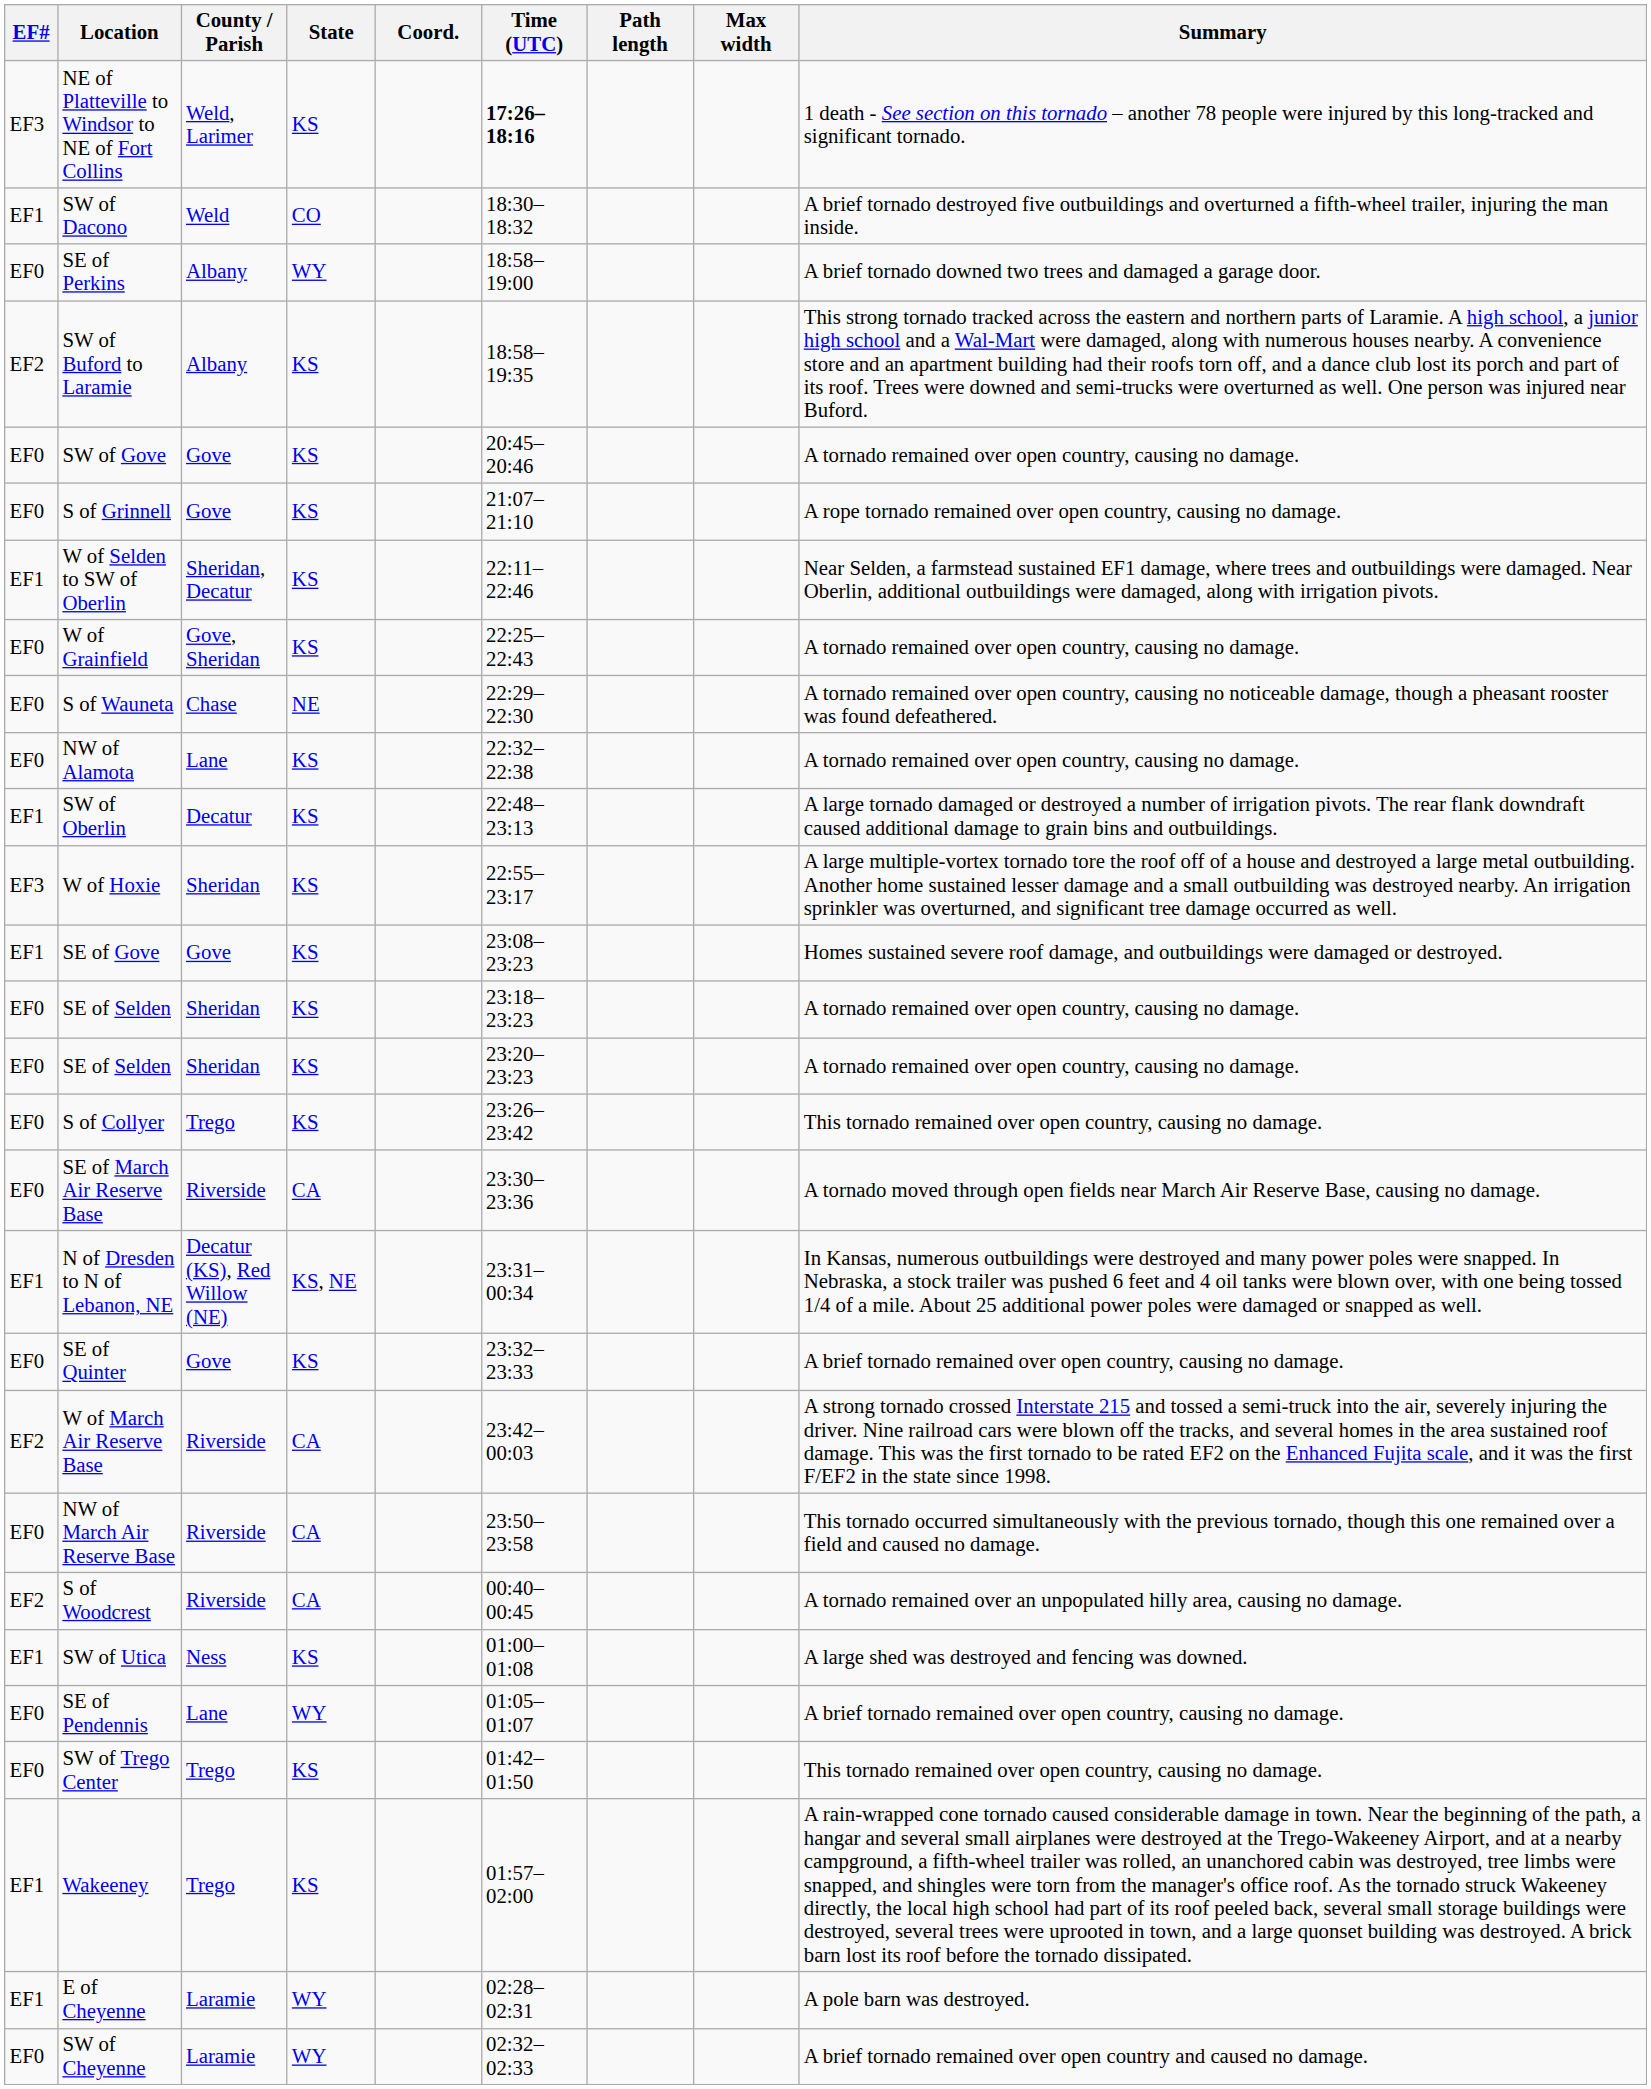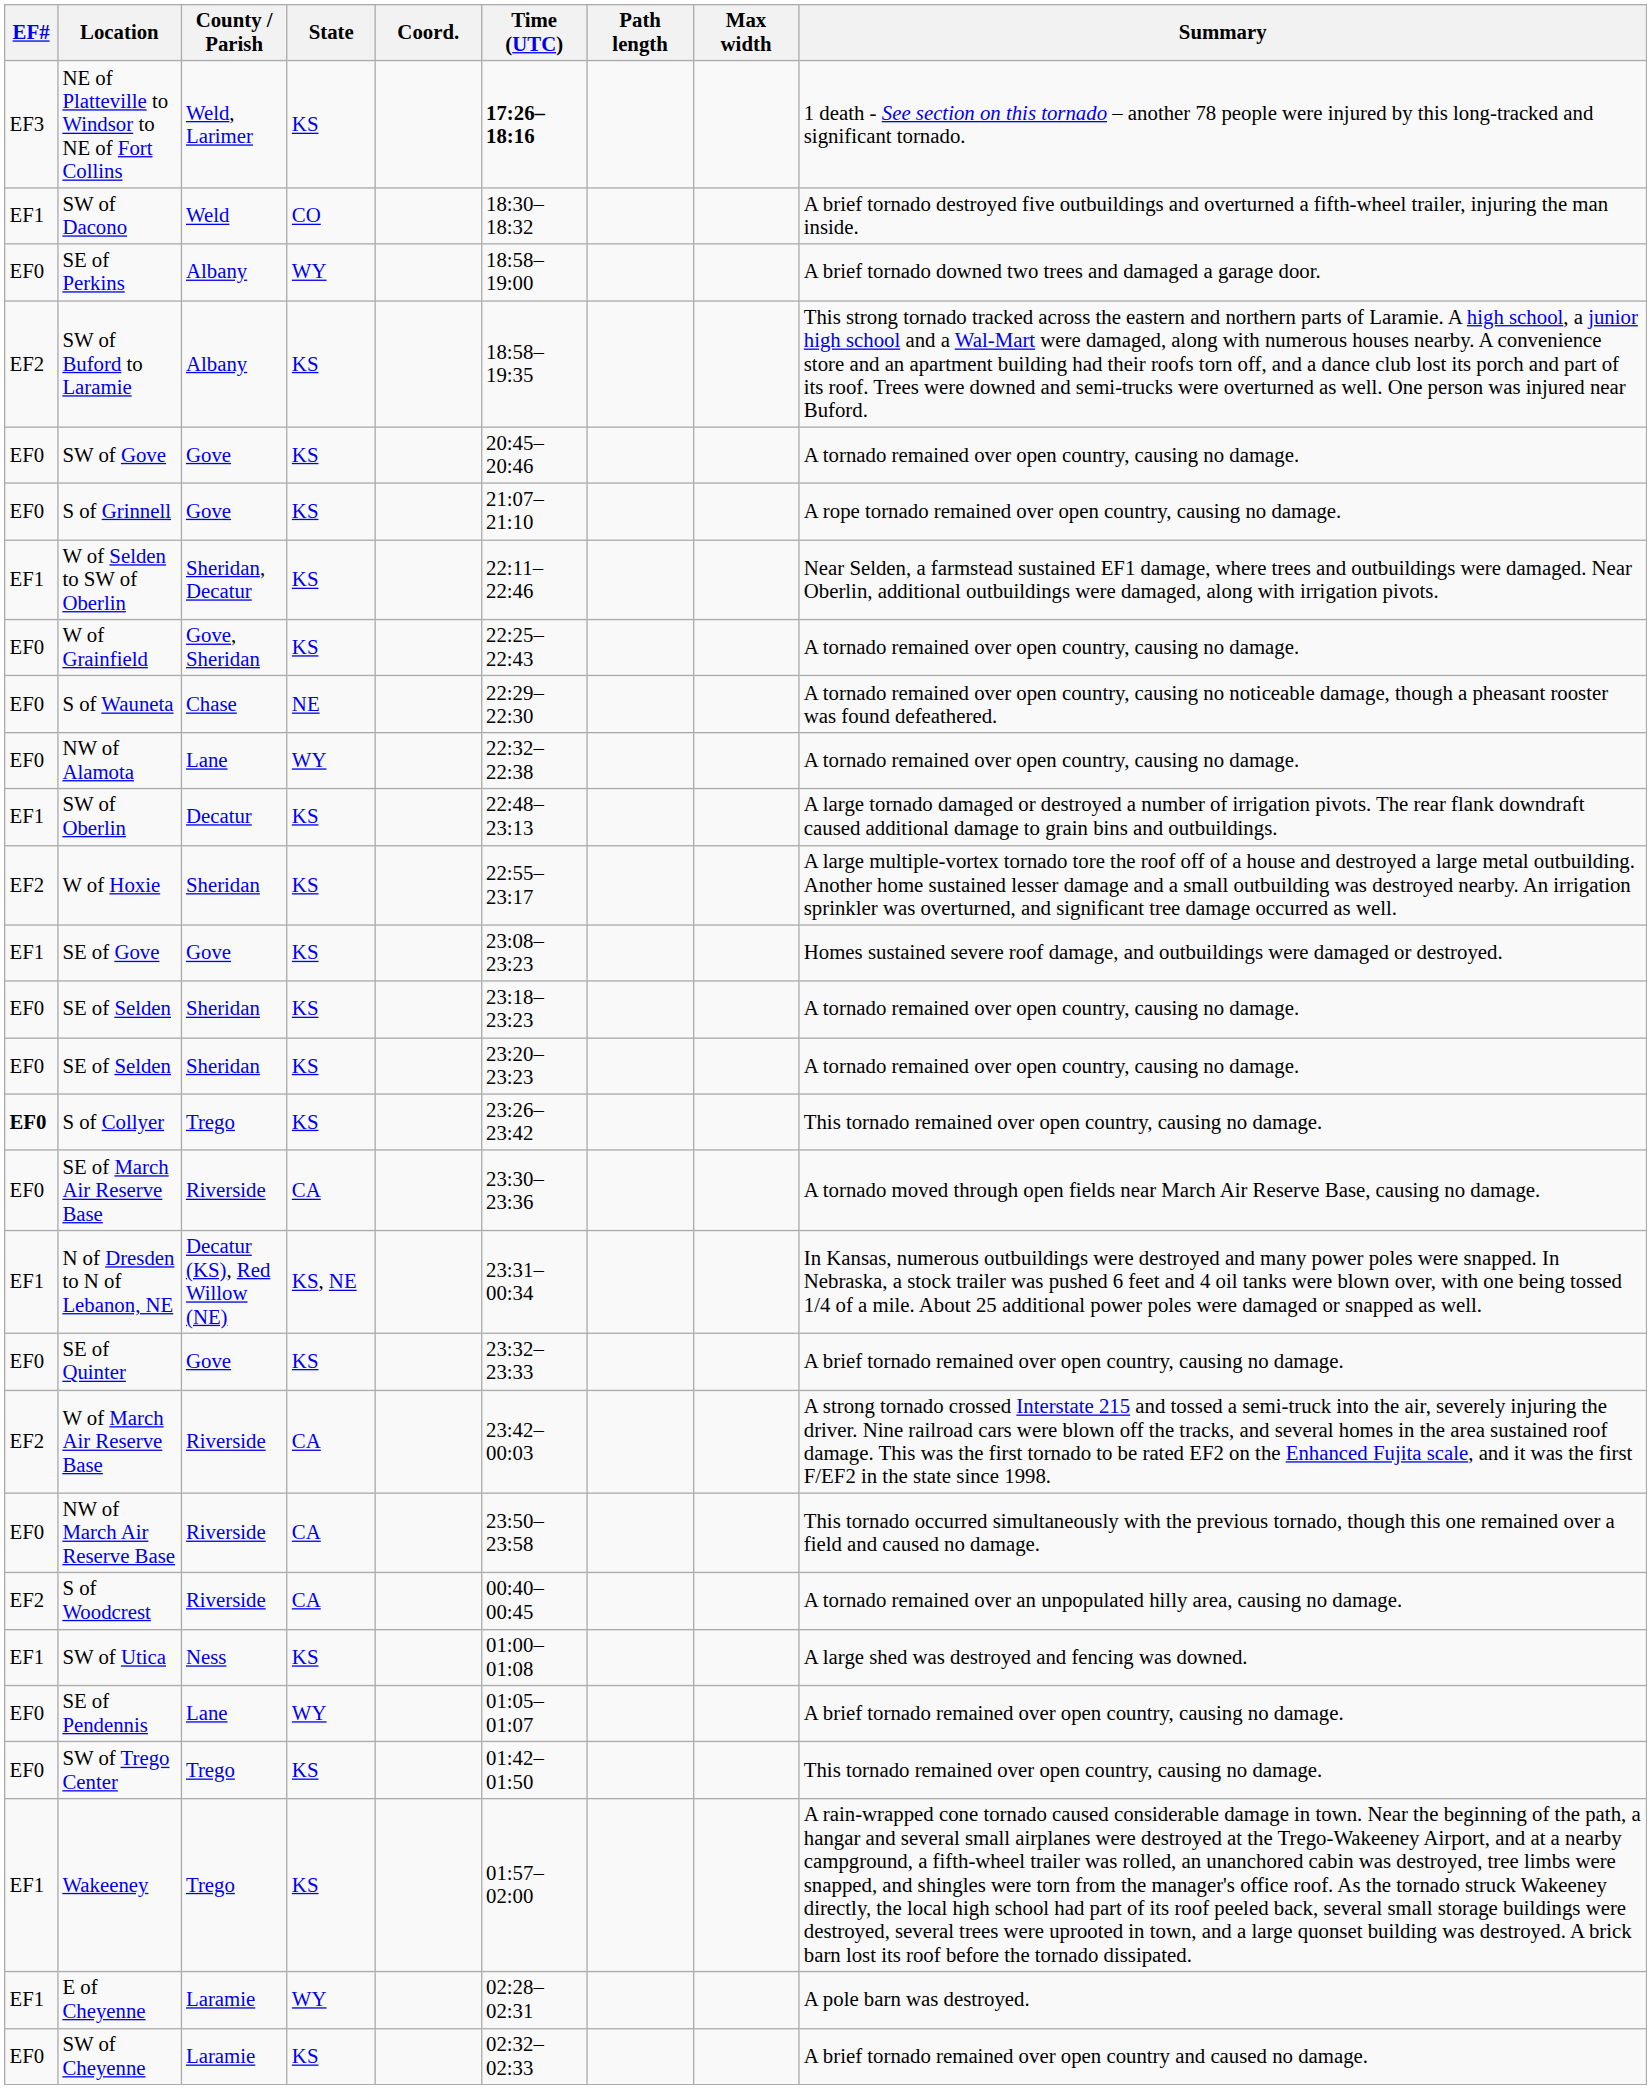 <table class="wikitable sortable" style="width:100%;">
 <tr>
 <th scope="col" width="3%" align="center"><a href='#'>EF#</a></th>
 <th scope="col" width="7%" align="center" class="unsortable">Location</th>
 <th scope="col" width="6%" align="center" class="unsortable">County / Parish</th>
 <th scope="col" width="5%" align="center">State</th>
 <th scope="col" width="6%" align="center">Coord.</th>
 <th scope="col" width="6%" align="center">Time (<a href='#'>UTC</a>)</th>
 <th scope="col" width="6%" align="center">Path length</th>
 <th scope="col" width="6%" align="center">Max width</th>
 <th scope="col" width="48%" class="unsortable" align="center">Summary</th>
 </tr>
 <tr>
 <td>EF3</td>
 <td>NE of <a href='#'>Platteville</a> to <a href='#'>Windsor</a> to NE of <a href='#'>Fort Collins</a></td>
 <td><a href='#'>Weld</a>, <a href='#'>Larimer</a></td>
 <td><a href='#'>KS</a></td>
 <td></td>
 <td><strong>17:26–18:16</strong></td>
 <td></td>
 <td></td>
 <td>1 death - <em><a href='#'>See section on this tornado</a></em> – another 78 people were injured by this long-tracked and significant tornado.</td>
 </tr>
 <tr>
 <td>EF1</td>
 <td>SW of <a href='#'>Dacono</a></td>
 <td><a href='#'>Weld</a></td>
 <td><a href='#'>CO</a></td>
 <td></td>
 <td>18:30–18:32</td>
 <td></td>
 <td></td>
 <td>A brief tornado destroyed five outbuildings and overturned a fifth-wheel trailer, injuring the man inside.</td>
 </tr>
 <tr>
 <td>EF0</td>
 <td>SE of <a href='#'>Perkins</a></td>
 <td><a href='#'>Albany</a></td>
 <td><a href='#'>WY</a></td>
 <td></td>
 <td>18:58–19:00</td>
 <td></td>
 <td></td>
 <td>A brief tornado downed two trees and damaged a garage door.</td>
 </tr>
 <tr>
 <td>EF2</td>
 <td>SW of <a href='#'>Buford</a> to <a href='#'>Laramie</a></td>
 <td><a href='#'>Albany</a></td>
 <td><a href='#'>KS</a></td>
 <td></td>
 <td>18:58–19:35</td>
 <td></td>
 <td></td>
 <td>This strong tornado tracked across the eastern and northern parts of Laramie. A <a href='#'>high school</a>, a <a href='#'>junior high school</a> and a <a href='#'>Wal-Mart</a> were damaged, along with numerous houses nearby. A convenience store and an apartment building had their roofs torn off, and a dance club lost its porch and part of its roof. Trees were downed and semi-trucks were overturned as well. One person was injured near Buford.</td>
 </tr>
 <tr>
 <td>EF0</td>
 <td>SW of <a href='#'>Gove</a></td>
 <td><a href='#'>Gove</a></td>
 <td><a href='#'>KS</a></td>
 <td></td>
 <td>20:45–20:46</td>
 <td></td>
 <td></td>
 <td>A tornado remained over open country, causing no damage.</td>
 </tr>
 <tr>
 <td>EF0</td>
 <td>S of <a href='#'>Grinnell</a></td>
 <td><a href='#'>Gove</a></td>
 <td><a href='#'>KS</a></td>
 <td></td>
 <td>21:07–21:10</td>
 <td></td>
 <td></td>
 <td>A rope tornado remained over open country, causing no damage.</td>
 </tr>
 <tr>
 <td>EF1</td>
 <td>W of <a href='#'>Selden</a> to SW of <a href='#'>Oberlin</a></td>
 <td><a href='#'>Sheridan</a>, <a href='#'>Decatur</a></td>
 <td><a href='#'>KS</a></td>
 <td></td>
 <td>22:11–22:46</td>
 <td></td>
 <td></td>
 <td>Near Selden, a farmstead sustained EF1 damage, where trees and outbuildings were damaged. Near Oberlin, additional outbuildings were damaged, along with irrigation pivots.</td>
 </tr>
 <tr>
 <td>EF0</td>
 <td>W of <a href='#'>Grainfield</a></td>
 <td><a href='#'>Gove</a>, <a href='#'>Sheridan</a></td>
 <td><a href='#'>KS</a></td>
 <td></td>
 <td>22:25–22:43</td>
 <td></td>
 <td></td>
 <td>A tornado remained over open country, causing no damage.</td>
 </tr>
 <tr>
 <td>EF0</td>
 <td>S of <a href='#'>Wauneta</a></td>
 <td><a href='#'>Chase</a></td>
 <td><a href='#'>NE</a></td>
 <td></td>
 <td>22:29–22:30</td>
 <td></td>
 <td></td>
 <td>A tornado remained over open country, causing no noticeable damage, though a pheasant rooster was found defeathered.</td>
 </tr>
 <tr>
 <td>EF0</td>
 <td>NW of <a href='#'>Alamota</a></td>
 <td><a href='#'>Lane</a></td>
-<td><a href='#'>KS</a></td>
+<td><a href='#'>WY</a></td>
 <td></td>
 <td>22:32–22:38</td>
 <td></td>
 <td></td>
 <td>A tornado remained over open country, causing no damage.</td>
 </tr>
 <tr>
 <td>EF1</td>
 <td>SW of <a href='#'>Oberlin</a></td>
 <td><a href='#'>Decatur</a></td>
 <td><a href='#'>KS</a></td>
 <td></td>
 <td>22:48–23:13</td>
 <td></td>
 <td></td>
 <td>A large tornado damaged or destroyed a number of irrigation pivots. The rear flank downdraft caused additional damage to grain bins and outbuildings.</td>
 </tr>
 <tr>
-<td>EF3</td>
+<td>EF2</td>
 <td>W of <a href='#'>Hoxie</a></td>
 <td><a href='#'>Sheridan</a></td>
 <td><a href='#'>KS</a></td>
 <td></td>
 <td>22:55–23:17</td>
 <td></td>
 <td></td>
 <td>A large multiple-vortex tornado tore the roof off of a house and destroyed a large metal outbuilding. Another home sustained lesser damage and a small outbuilding was destroyed nearby. An irrigation sprinkler was overturned, and significant tree damage occurred as well.</td>
 </tr>
 <tr>
 <td>EF1</td>
 <td>SE of <a href='#'>Gove</a></td>
 <td><a href='#'>Gove</a></td>
 <td><a href='#'>KS</a></td>
 <td></td>
 <td>23:08–23:23</td>
 <td></td>
 <td></td>
 <td>Homes sustained severe roof damage, and outbuildings were damaged or destroyed.</td>
 </tr>
 <tr>
 <td>EF0</td>
 <td>SE of <a href='#'>Selden</a></td>
 <td><a href='#'>Sheridan</a></td>
 <td><a href='#'>KS</a></td>
 <td></td>
 <td>23:18–23:23</td>
 <td></td>
 <td></td>
 <td>A tornado remained over open country, causing no damage.</td>
 </tr>
 <tr>
 <td>EF0</td>
 <td>SE of <a href='#'>Selden</a></td>
 <td><a href='#'>Sheridan</a></td>
 <td><a href='#'>KS</a></td>
 <td></td>
 <td>23:20–23:23</td>
 <td></td>
 <td></td>
 <td>A tornado remained over open country, causing no damage.</td>
 </tr>
 <tr>
-<td>EF0</td>
+<td><strong>EF0</strong></td>
 <td>S of <a href='#'>Collyer</a></td>
 <td><a href='#'>Trego</a></td>
 <td><a href='#'>KS</a></td>
 <td></td>
 <td>23:26–23:42</td>
 <td></td>
 <td></td>
 <td>This tornado remained over open country, causing no damage.</td>
 </tr>
 <tr>
 <td>EF0</td>
 <td>SE of <a href='#'>March Air Reserve Base</a></td>
 <td><a href='#'>Riverside</a></td>
 <td><a href='#'>CA</a></td>
 <td></td>
 <td>23:30–23:36</td>
 <td></td>
 <td></td>
 <td>A tornado moved through open fields near March Air Reserve Base, causing no damage.</td>
 </tr>
 <tr>
 <td>EF1</td>
 <td>N of <a href='#'>Dresden</a> to N of <a href='#'>Lebanon, NE</a></td>
 <td><a href='#'>Decatur (KS)</a>, <a href='#'>Red Willow (NE)</a></td>
 <td><a href='#'>KS</a>, <a href='#'>NE</a></td>
 <td></td>
 <td>23:31–00:34</td>
 <td></td>
 <td></td>
 <td>In Kansas, numerous outbuildings were destroyed and many power poles were snapped. In Nebraska, a stock trailer was pushed 6 feet and 4 oil tanks were blown over, with one being tossed 1/4 of a mile. About 25 additional power poles were damaged or snapped as well.</td>
 </tr>
 <tr>
 <td>EF0</td>
 <td>SE of <a href='#'>Quinter</a></td>
 <td><a href='#'>Gove</a></td>
 <td><a href='#'>KS</a></td>
 <td></td>
 <td>23:32–23:33</td>
 <td></td>
 <td></td>
 <td>A brief tornado remained over open country, causing no damage.</td>
 </tr>
 <tr>
 <td>EF2</td>
 <td>W of <a href='#'>March Air Reserve Base</a></td>
 <td><a href='#'>Riverside</a></td>
 <td><a href='#'>CA</a></td>
 <td></td>
 <td>23:42–00:03</td>
 <td></td>
 <td></td>
 <td>A strong tornado crossed <a href='#'>Interstate 215</a> and tossed a semi-truck  into the air, severely injuring the driver. Nine railroad cars were blown off the tracks, and several homes in the area sustained roof damage. This was the first tornado to be rated EF2 on the <a href='#'>Enhanced Fujita scale</a>, and it was the first F/EF2 in the state since 1998.</td>
 </tr>
 <tr>
 <td>EF0</td>
 <td>NW of <a href='#'>March Air Reserve Base</a></td>
 <td><a href='#'>Riverside</a></td>
 <td><a href='#'>CA</a></td>
 <td></td>
 <td>23:50–23:58</td>
 <td></td>
 <td></td>
 <td>This tornado occurred simultaneously with the previous tornado, though this one remained over a field and caused no damage.</td>
 </tr>
 <tr>
 <td>EF2</td>
 <td>S of <a href='#'>Woodcrest</a></td>
 <td><a href='#'>Riverside</a></td>
 <td><a href='#'>CA</a></td>
 <td></td>
 <td>00:40–00:45</td>
 <td></td>
 <td></td>
 <td>A tornado remained over an unpopulated hilly area, causing no damage.</td>
 </tr>
 <tr>
 <td>EF1</td>
 <td>SW of <a href='#'>Utica</a></td>
 <td><a href='#'>Ness</a></td>
 <td><a href='#'>KS</a></td>
 <td></td>
 <td>01:00–01:08</td>
 <td></td>
 <td></td>
 <td>A large shed was destroyed and fencing was downed.</td>
 </tr>
 <tr>
 <td>EF0</td>
 <td>SE of <a href='#'>Pendennis</a></td>
 <td><a href='#'>Lane</a></td>
 <td><a href='#'>WY</a></td>
 <td></td>
 <td>01:05–01:07</td>
 <td></td>
 <td></td>
 <td>A brief tornado remained over open country, causing no damage.</td>
 </tr>
 <tr>
 <td>EF0</td>
 <td>SW of <a href='#'>Trego Center</a></td>
 <td><a href='#'>Trego</a></td>
 <td><a href='#'>KS</a></td>
 <td></td>
 <td>01:42–01:50</td>
 <td></td>
 <td></td>
 <td>This tornado remained over open country, causing no damage.</td>
 </tr>
 <tr>
 <td>EF1</td>
 <td><a href='#'>Wakeeney</a></td>
 <td><a href='#'>Trego</a></td>
 <td><a href='#'>KS</a></td>
 <td></td>
 <td>01:57–02:00</td>
 <td></td>
 <td></td>
 <td>A rain-wrapped cone tornado caused considerable damage in town. Near the beginning of the path, a hangar and several small airplanes were destroyed at the Trego-Wakeeney Airport, and at a nearby campground, a fifth-wheel trailer was rolled, an unanchored cabin was destroyed, tree limbs were snapped, and shingles were torn from the manager's office roof. As the tornado struck Wakeeney directly, the local high school had part of its roof peeled back, several small storage buildings were destroyed, several trees were uprooted in town, and a large quonset building was destroyed. A brick barn lost its roof before the tornado dissipated.</td>
 </tr>
 <tr>
 <td>EF1</td>
 <td>E of <a href='#'>Cheyenne</a></td>
 <td><a href='#'>Laramie</a></td>
 <td><a href='#'>WY</a></td>
 <td></td>
 <td>02:28–02:31</td>
 <td></td>
 <td></td>
 <td>A pole barn was destroyed.</td>
 </tr>
 <tr>
 <td>EF0</td>
 <td>SW of <a href='#'>Cheyenne</a></td>
 <td><a href='#'>Laramie</a></td>
-<td><a href='#'>WY</a></td>
+<td><a href='#'>KS</a></td>
 <td></td>
 <td>02:32–02:33</td>
 <td></td>
 <td></td>
 <td>A brief tornado remained over open country and caused no damage.</td>
 </tr>
 <tr>
 </tr>
 </table>
